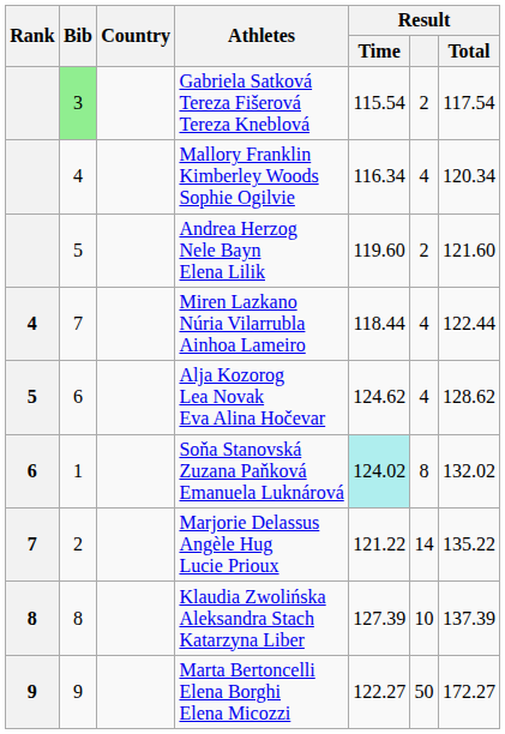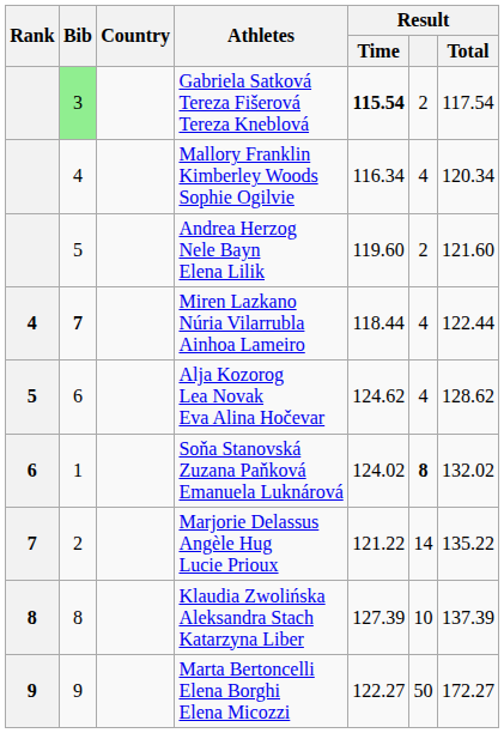 <table class="wikitable" style="text-align:center">
 <tr>
 <th rowspan=2>Rank</th>
 <th rowspan=2>Bib</th>
 <th rowspan=2>Country</th>
 <th rowspan=2>Athletes</th>
 <th colspan=3>Result</th>
 </tr>
 <tr>
 <th>Time</th>
 <th></th>
 <th>Total</th>
 </tr>
 <tr>
 <th></th>
 <td style="background: lightgreen;">3</td>
 <td align=left></td>
 <td align=left><a href='#'>Gabriela Satková</a><br><a href='#'>Tereza Fišerová</a><br><a href='#'>Tereza Kneblová</a></td>
-<td>115.54</td>
+<td><strong>115.54</strong></td>
 <td>2</td>
 <td>117.54</td>
 </tr>
 <tr>
 <th></th>
 <td>4</td>
 <td align=left></td>
 <td align=left><a href='#'>Mallory Franklin</a><br><a href='#'>Kimberley Woods</a><br><a href='#'>Sophie Ogilvie</a></td>
 <td>116.34</td>
 <td>4</td>
 <td>120.34</td>
 </tr>
 <tr>
 <th></th>
 <td>5</td>
 <td align=left></td>
 <td align=left><a href='#'>Andrea Herzog</a><br><a href='#'>Nele Bayn</a><br><a href='#'>Elena Lilik</a></td>
 <td>119.60</td>
 <td>2</td>
 <td>121.60</td>
 </tr>
 <tr>
 <th>4</th>
-<td>7</td>
+<td><strong>7</strong></td>
 <td align=left></td>
 <td align=left><a href='#'>Miren Lazkano</a><br><a href='#'>Núria Vilarrubla</a><br><a href='#'>Ainhoa Lameiro</a></td>
 <td>118.44</td>
 <td>4</td>
 <td>122.44</td>
 </tr>
 <tr>
 <th>5</th>
 <td>6</td>
 <td align=left></td>
 <td align=left><a href='#'>Alja Kozorog</a><br><a href='#'>Lea Novak</a><br><a href='#'>Eva Alina Hočevar</a></td>
 <td>124.62</td>
 <td>4</td>
 <td>128.62</td>
 </tr>
 <tr>
 <th>6</th>
 <td>1</td>
 <td align=left></td>
 <td align=left><a href='#'>Soňa Stanovská</a><br><a href='#'>Zuzana Paňková</a><br><a href='#'>Emanuela Luknárová</a></td>
-<td style="background: paleturquoise;">124.02</td>
-<td>8</td>
+<td>124.02</td>
+<td><strong>8</strong></td>
 <td>132.02</td>
 </tr>
 <tr>
 <th>7</th>
 <td>2</td>
 <td align=left></td>
 <td align=left><a href='#'>Marjorie Delassus</a><br><a href='#'>Angèle Hug</a><br><a href='#'>Lucie Prioux</a></td>
 <td>121.22</td>
 <td>14</td>
 <td>135.22</td>
 </tr>
 <tr>
 <th>8</th>
 <td>8</td>
 <td align=left></td>
 <td align=left><a href='#'>Klaudia Zwolińska</a><br><a href='#'>Aleksandra Stach</a><br><a href='#'>Katarzyna Liber</a></td>
 <td>127.39</td>
 <td>10</td>
 <td>137.39</td>
 </tr>
 <tr>
 <th>9</th>
 <td>9</td>
 <td align=left></td>
 <td align=left><a href='#'>Marta Bertoncelli</a><br><a href='#'>Elena Borghi</a><br><a href='#'>Elena Micozzi</a></td>
 <td>122.27</td>
 <td>50</td>
 <td>172.27</td>
 </tr>
 </table>
